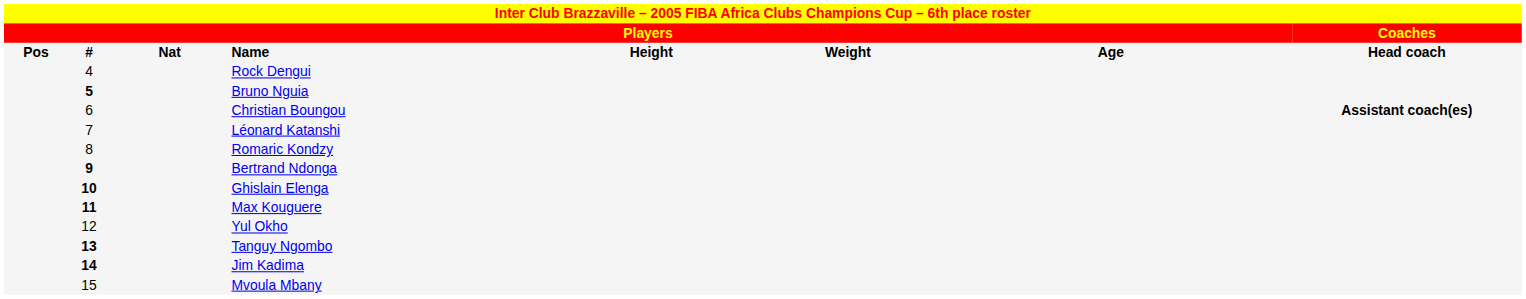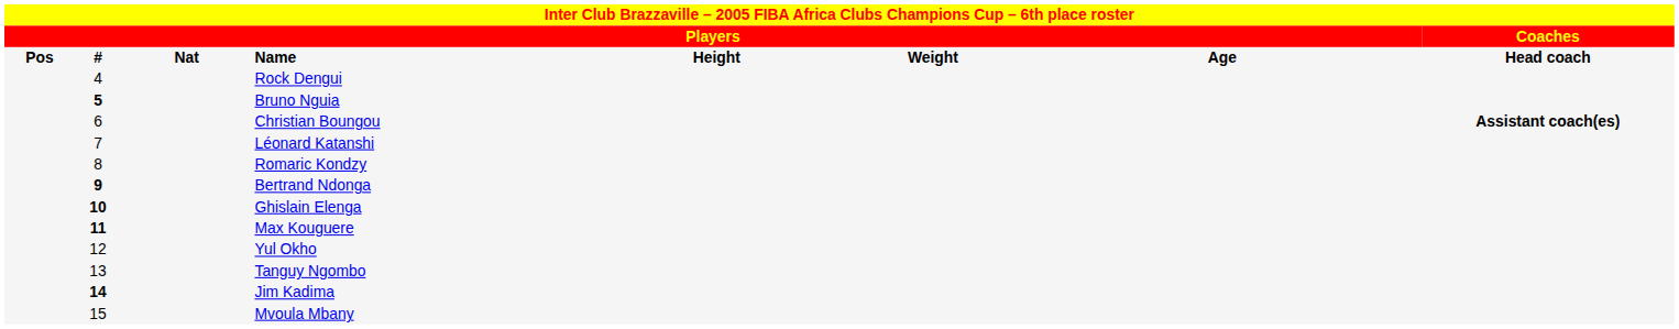 <table border=0 cellpadding=2 cellspacing=0  |- bgcolor=#f5f5f5 style="text-align:center; font-size:85%;" width=75%>
 <tr>
 <td colspan="8" style="background: yellow; color: red"><strong>Inter Club Brazzaville – 2005 FIBA Africa Clubs Champions Cup – 6th place roster</strong></td>
 </tr>
 <tr>
 <td colspan="7" style="background: red; color: yellow"><strong>Players</strong></td>
 <td style="background: red; color: yellow"><strong>Coaches</strong></td>
 </tr>
 <tr style="background=#f5f5f5; color: black">
 <th width=5px>Pos</th>
 <th width=5px>#</th>
 <th width=50px>Nat</th>
 <th width=135px align=left>Name</th>
 <th width=100px>Height</th>
 <th width=70px>Weight</th>
 <th width=160px>Age</th>
 <th width=100px>Head coach</th>
 </tr>
 <tr>
 <td></td>
 <td>4</td>
 <td></td>
 <td align=left><a href='#'>Rock Dengui</a></td>
 <td></td>
 <td></td>
 <td><span></span></td>
 <td></td>
 </tr>
 <tr>
 <td></td>
 <td><strong>5</strong></td>
 <td></td>
 <td align=left><a href='#'>Bruno Nguia</a></td>
 <td></td>
 <td></td>
 <td><span></span></td>
 </tr>
 <tr>
 <td></td>
 <td>6</td>
 <td></td>
 <td align=left><a href='#'>Christian Boungou</a></td>
 <td></td>
 <td></td>
 <td><span></span></td>
 <td><strong>Assistant coach(es)</strong></td>
 </tr>
 <tr>
 <td></td>
 <td>7</td>
 <td></td>
 <td align=left><a href='#'>Léonard Katanshi</a></td>
 <td></td>
 <td></td>
 <td><span></span></td>
 </tr>
 <tr>
 <td></td>
 <td>8</td>
 <td></td>
 <td align=left><a href='#'>Romaric Kondzy</a></td>
 <td></td>
 <td></td>
 <td><span></span></td>
 </tr>
 <tr>
 <td></td>
 <td><strong>9</strong></td>
 <td></td>
 <td align=left><a href='#'>Bertrand Ndonga</a></td>
 <td></td>
 <td></td>
 <td><span></span></td>
 </tr>
 <tr>
 <td></td>
 <td><strong>10</strong></td>
 <td></td>
 <td align=left><a href='#'>Ghislain Elenga</a></td>
 <td></td>
 <td></td>
 <td><span></span></td>
 </tr>
 <tr>
 <td></td>
 <td><strong>11</strong></td>
 <td></td>
 <td align=left><a href='#'>Max Kouguere</a></td>
 <td></td>
 <td></td>
 <td><span></span></td>
 </tr>
 <tr>
 <td></td>
 <td>12</td>
 <td></td>
 <td align=left><a href='#'>Yul Okho</a></td>
 <td></td>
 <td></td>
 <td><span></span></td>
 </tr>
 <tr>
 <td></td>
-<td><strong>13</strong></td>
+<td>13</td>
 <td></td>
 <td align=left><a href='#'>Tanguy Ngombo</a></td>
 <td><span></span></td>
 <td><span></span></td>
 <td><span></span></td>
 </tr>
 <tr>
 <td></td>
 <td><strong>14</strong></td>
 <td></td>
 <td align=left><a href='#'>Jim Kadima</a></td>
 <td></td>
 <td></td>
 <td><span></span></td>
 </tr>
 <tr>
 <td></td>
 <td>15</td>
 <td></td>
 <td align=left><a href='#'>Mvoula Mbany</a></td>
 <td></td>
 <td></td>
 <td><span></span></td>
 </tr>
 </table>
